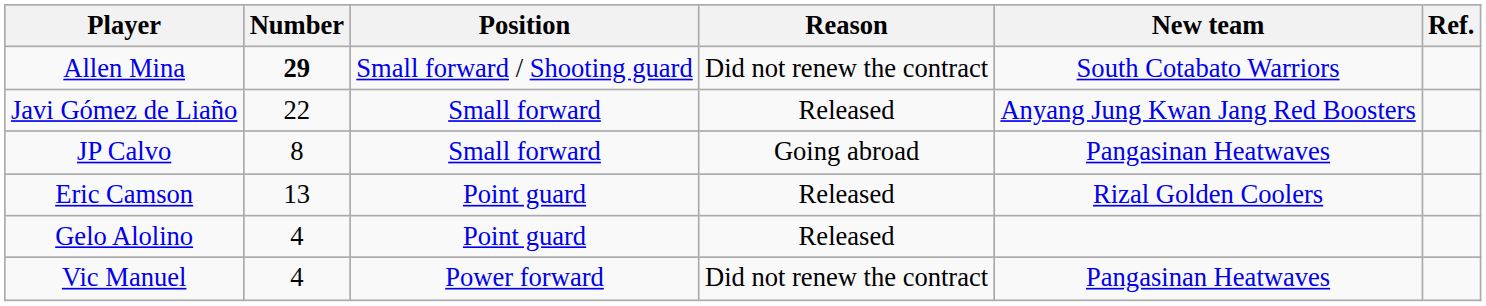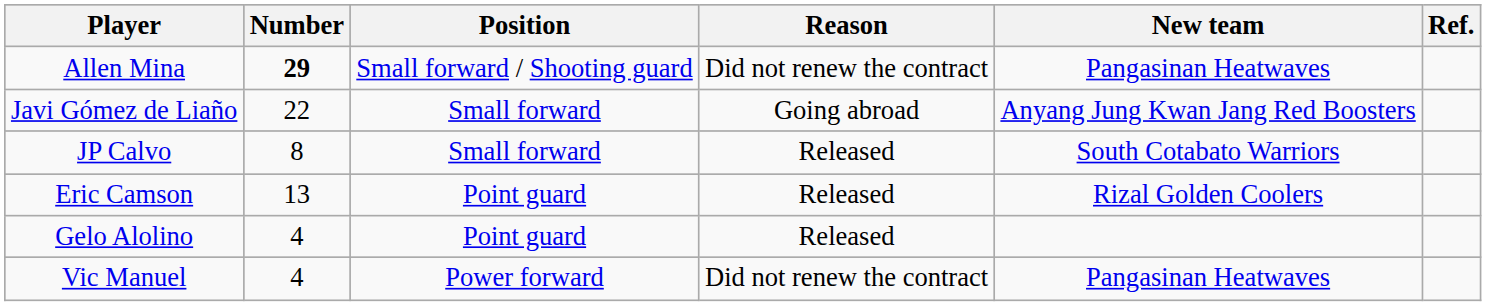 <table class="wikitable sortable sortable">
 <tr>
 <th>Player</th>
 <th>Number</th>
 <th>Position</th>
 <th>Reason</th>
 <th>New team</th>
 <th>Ref.</th>
 </tr>
 <tr style="text-align: center">
 <td><a href='#'>Allen Mina</a></td>
 <td><strong>29</strong></td>
 <td><a href='#'>Small forward</a> / <a href='#'>Shooting guard</a></td>
 <td>Did not renew the contract</td>
-<td><a href='#'>South Cotabato Warriors</a> </td>
+<td><a href='#'>Pangasinan Heatwaves</a> </td>
 <td></td>
 </tr>
 <tr style="text-align: center">
 <td><a href='#'>Javi Gómez de Liaño</a></td>
 <td>22</td>
 <td><a href='#'>Small forward</a></td>
-<td>Released</td>
+<td>Going abroad</td>
 <td><a href='#'>Anyang Jung Kwan Jang Red Boosters</a> </td>
 <td></td>
 </tr>
 <tr style="text-align: center">
 <td><a href='#'>JP Calvo</a></td>
 <td>8</td>
 <td><a href='#'>Small forward</a></td>
-<td>Going abroad</td>
-<td><a href='#'>Pangasinan Heatwaves</a> </td>
+<td>Released</td>
+<td><a href='#'>South Cotabato Warriors</a> </td>
 <td></td>
 </tr>
 <tr style="text-align: center">
 <td><a href='#'>Eric Camson</a></td>
 <td>13</td>
 <td><a href='#'>Point guard</a></td>
 <td>Released</td>
 <td><a href='#'>Rizal Golden Coolers</a> </td>
 <td></td>
 </tr>
 <tr style="text-align: center">
 <td><a href='#'>Gelo Alolino</a></td>
 <td>4</td>
 <td><a href='#'>Point guard</a></td>
 <td>Released</td>
 <td></td>
 <td></td>
 </tr>
 <tr style="text-align: center">
 <td><a href='#'>Vic Manuel</a></td>
 <td>4</td>
 <td><a href='#'>Power forward</a></td>
 <td>Did not renew the contract</td>
 <td><a href='#'>Pangasinan Heatwaves</a> </td>
 <td></td>
 </tr>
 </table>
